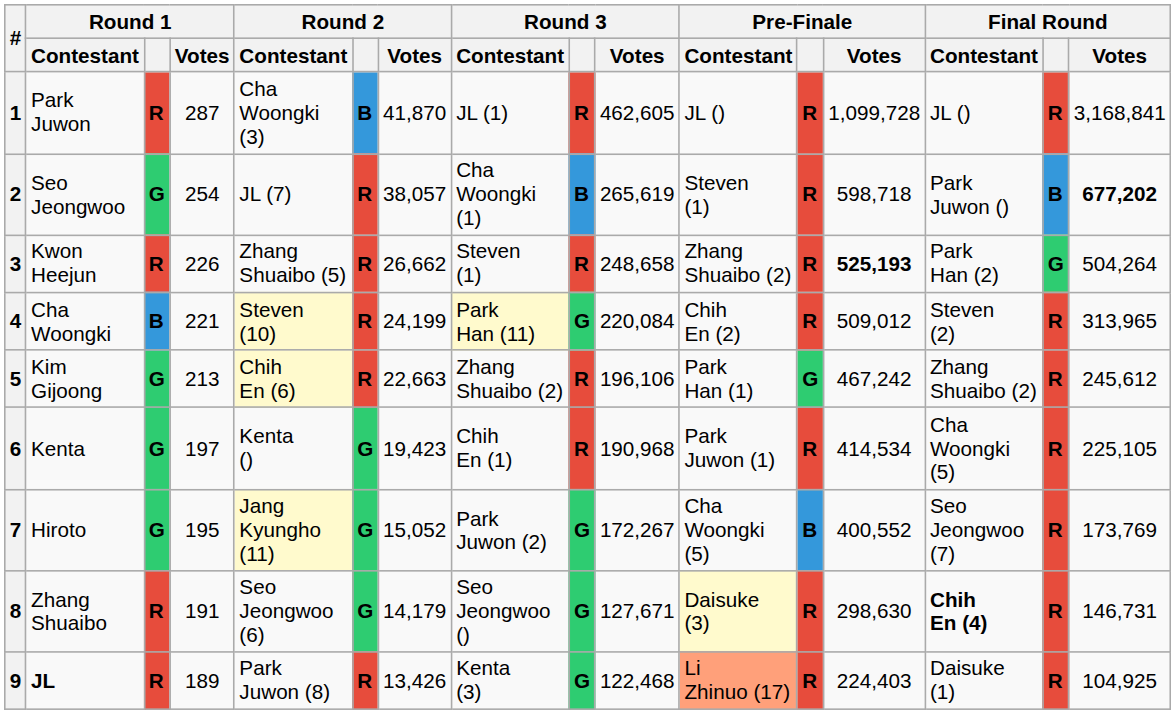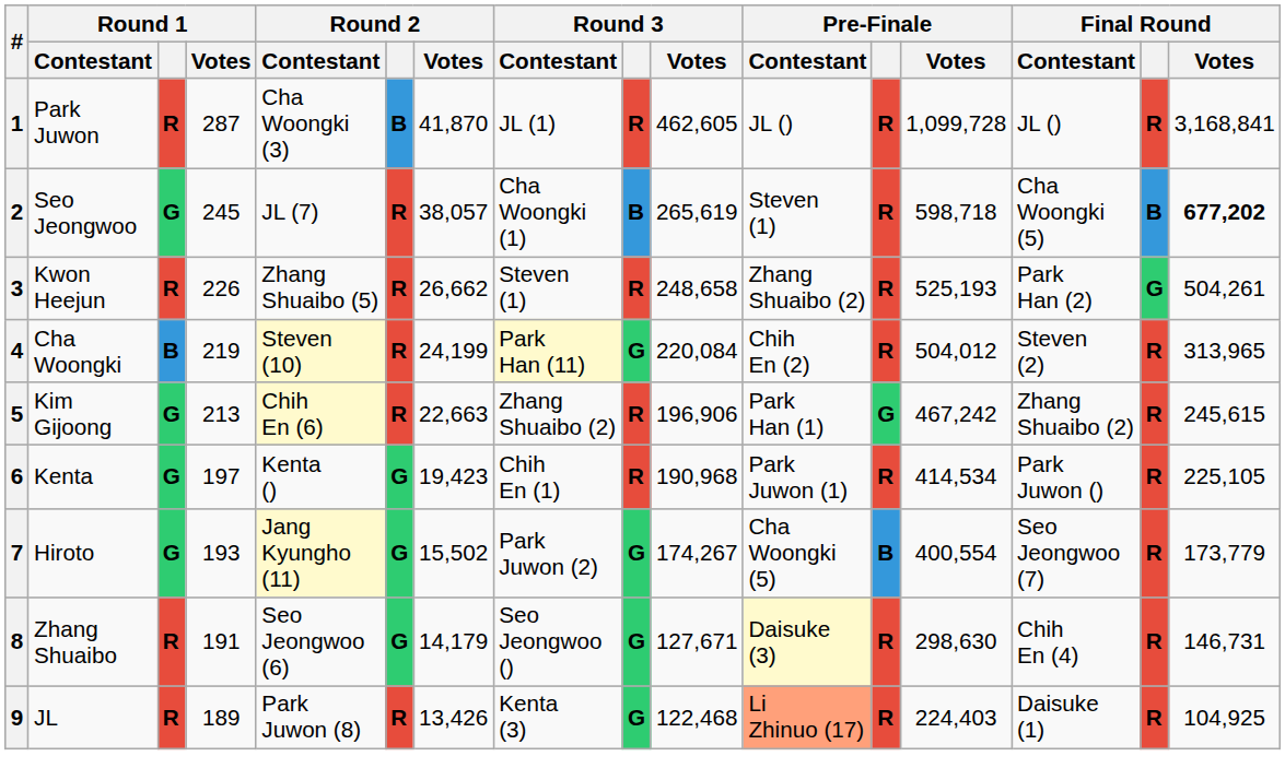 <table class="wikitable mw-collapsible" style="width:100%; font-size:small;">
 <tr>
 <th rowspan="2">#</th>
 <th colspan="3">Round 1</th>
 <th colspan="3">Round 2</th>
 <th colspan="3">Round 3</th>
 <th colspan="3">Pre-Finale</th>
 <th colspan="3">Final Round</th>
 </tr>
 <tr>
 <th>Contestant</th>
 <th></th>
 <th>Votes</th>
 <th>Contestant</th>
 <th></th>
 <th>Votes</th>
 <th>Contestant</th>
 <th></th>
 <th>Votes</th>
 <th>Contestant</th>
 <th></th>
 <th>Votes</th>
 <th>Contestant</th>
 <th></th>
 <th>Votes</th>
 </tr>
 <tr>
 <th>1</th>
 <td> Park <br>Juwon</td>
 <td style="background:#e74c3c"><strong>R</strong></td>
 <td align="center">287</td>
 <td> Cha <br>Woongki (3)</td>
 <td style="background-color:#3498db"><strong>B</strong></td>
 <td align="center">41,870</td>
 <td> JL (1)</td>
 <td style="background:#e74c3c"><strong>R</strong></td>
 <td align="center">462,605</td>
 <td> JL ()</td>
 <td style="background:#e74c3c"><strong>R</strong></td>
 <td align="center">1,099,728</td>
 <td> JL ()</td>
 <td style="background:#e74c3c"><strong>R</strong></td>
 <td align="center">3,168,841</td>
 </tr>
 <tr>
 <th>2</th>
 <td> Seo <br>Jeongwoo</td>
 <td style="background:#2ecc71"><strong>G</strong></td>
-<td align="center">254</td>
+<td align="center">245</td>
 <td> JL (7)</td>
 <td style="background:#e74c3c"><strong>R</strong></td>
 <td align="center">38,057</td>
 <td> Cha <br>Woongki (1)</td>
 <td style="background-color:#3498db"><strong>B</strong></td>
 <td align="center">265,619</td>
 <td> Steven <br>(1)</td>
 <td style="background:#e74c3c"><strong>R</strong></td>
 <td align="center">598,718</td>
-<td> Park <br>Juwon ()</td>
+<td> Cha <br>Woongki (5)</td>
 <td style="background-color:#3498db"><strong>B</strong></td>
 <td align="center"><strong>677,202</strong></td>
 </tr>
 <tr>
 <th>3</th>
 <td> Kwon <br> Heejun</td>
 <td style="background:#e74c3c"><strong>R</strong></td>
 <td align="center">226</td>
 <td> Zhang <br>Shuaibo (5)</td>
 <td style="background:#e74c3c"><strong>R</strong></td>
 <td align="center">26,662</td>
 <td> Steven <br>(1)</td>
 <td style="background:#e74c3c"><strong>R</strong></td>
 <td align="center">248,658</td>
 <td> Zhang <br>Shuaibo (2)</td>
 <td style="background:#e74c3c"><strong>R</strong></td>
-<td align="center"><strong>525,193</strong></td>
+<td align="center">525,193</td>
 <td> Park <br>Han (2)</td>
 <td style="background:#2ecc71"><strong>G</strong></td>
-<td align="center">504,264</td>
+<td align="center">504,261</td>
 </tr>
 <tr>
 <th>4</th>
 <td> Cha <br>Woongki</td>
 <td style="background-color:#3498db"><strong>B</strong></td>
-<td align="center">221</td>
+<td align="center">219</td>
 <td style="background:lemonchiffon"> Steven <br>(10)</td>
 <td style="background:#e74c3c"><strong>R</strong></td>
 <td align="center">24,199</td>
 <td style="background:lemonchiffon"> Park <br>Han (11)</td>
 <td style="background:#2ecc71"><strong>G</strong></td>
 <td align="center">220,084</td>
 <td> Chih <br>En (2)</td>
 <td style="background:#e74c3c"><strong>R</strong></td>
-<td align="center">509,012</td>
+<td align="center">504,012</td>
 <td> Steven <br>(2)</td>
 <td style="background:#e74c3c"><strong>R</strong></td>
 <td align="center">313,965</td>
 </tr>
 <tr>
 <th>5</th>
 <td> Kim <br>Gijoong</td>
 <td style="background:#2ecc71"><strong>G</strong></td>
 <td align="center">213</td>
 <td style="background:lemonchiffon"> Chih <br>En (6)</td>
 <td style="background:#e74c3c"><strong>R</strong></td>
 <td align="center">22,663</td>
 <td> Zhang <br>Shuaibo (2)</td>
 <td style="background:#e74c3c"><strong>R</strong></td>
-<td align="center">196,106</td>
+<td align="center">196,906</td>
 <td> Park <br>Han (1)</td>
 <td style="background:#2ecc71"><strong>G</strong></td>
 <td align="center">467,242</td>
 <td> Zhang <br>Shuaibo (2)</td>
 <td style="background:#e74c3c"><strong>R</strong></td>
-<td align="center">245,612</td>
+<td align="center">245,615</td>
 </tr>
 <tr>
 <th>6</th>
 <td> Kenta</td>
 <td style="background:#2ecc71"><strong>G</strong></td>
 <td align="center">197</td>
 <td> Kenta <br>()</td>
 <td style="background:#2ecc71"><strong>G</strong></td>
 <td align="center">19,423</td>
 <td> Chih <br>En (1)</td>
 <td style="background:#e74c3c"><strong>R</strong></td>
 <td align="center">190,968</td>
 <td> Park <br>Juwon (1)</td>
 <td style="background:#e74c3c"><strong>R</strong></td>
 <td align="center">414,534</td>
-<td> Cha <br>Woongki (5)</td>
+<td> Park <br>Juwon ()</td>
 <td style="background:#e74c3c"><strong>R</strong></td>
 <td align="center">225,105</td>
 </tr>
 <tr>
 <th>7</th>
 <td> Hiroto</td>
 <td style="background:#2ecc71"><strong>G</strong></td>
-<td align="center">195</td>
+<td align="center">193</td>
 <td style="background:lemonchiffon"> Jang <br>Kyungho (11)</td>
 <td style="background:#2ecc71"><strong>G</strong></td>
-<td align="center">15,052</td>
+<td align="center">15,502</td>
 <td> Park <br>Juwon (2)</td>
 <td style="background:#2ecc71"><strong>G</strong></td>
-<td align="center">172,267</td>
+<td align="center">174,267</td>
 <td> Cha <br>Woongki (5)</td>
 <td style="background-color:#3498db"><strong>B</strong></td>
-<td align="center">400,552</td>
+<td align="center">400,554</td>
 <td> Seo <br>Jeongwoo (7)</td>
 <td style="background:#e74c3c"><strong>R</strong></td>
-<td align="center">173,769</td>
+<td align="center">173,779</td>
 </tr>
 <tr>
 <th>8</th>
 <td> Zhang <br>Shuaibo</td>
 <td style="background:#e74c3c"><strong>R</strong></td>
 <td align="center">191</td>
 <td> Seo <br>Jeongwoo (6)</td>
 <td style="background:#2ecc71"><strong>G</strong></td>
 <td align="center">14,179</td>
 <td> Seo <br>Jeongwoo ()</td>
 <td style="background:#2ecc71"><strong>G</strong></td>
 <td align="center">127,671</td>
 <td style="background:lemonchiffon">Daisuke <br>(3)</td>
 <td style="background:#e74c3c"><strong>R</strong></td>
 <td align="center">298,630</td>
-<td><strong> Chih <br>En (4)</strong></td>
+<td> Chih <br>En (4)</td>
 <td style="background:#e74c3c"><strong>R</strong></td>
 <td align="center">146,731</td>
 </tr>
 <tr>
 <th>9</th>
-<td text-align: left><strong> JL</strong></td>
+<td text-align: left> JL</td>
 <td style="background:#e74c3c"><strong>R</strong></td>
 <td align="center">189</td>
 <td> Park <br>Juwon (8)</td>
 <td style="background:#e74c3c"><strong>R</strong></td>
 <td align="center">13,426</td>
 <td> Kenta <br>(3)</td>
 <td style="background:#2ecc71"><strong>G</strong></td>
 <td align="center">122,468</td>
 <td style="background:lightsalmon"> Li <br>Zhinuo (17)</td>
 <td style="background:#e74c3c"><strong>R</strong></td>
 <td align="center">224,403</td>
 <td> Daisuke<br>(1)</td>
 <td style="background:#e74c3c"><strong>R</strong></td>
 <td align="center">104,925</td>
 </tr>
 </table>
